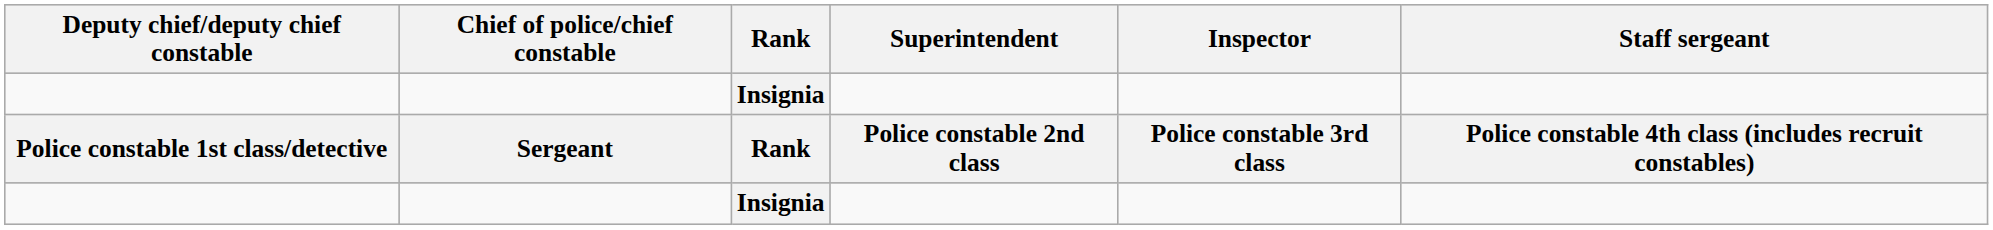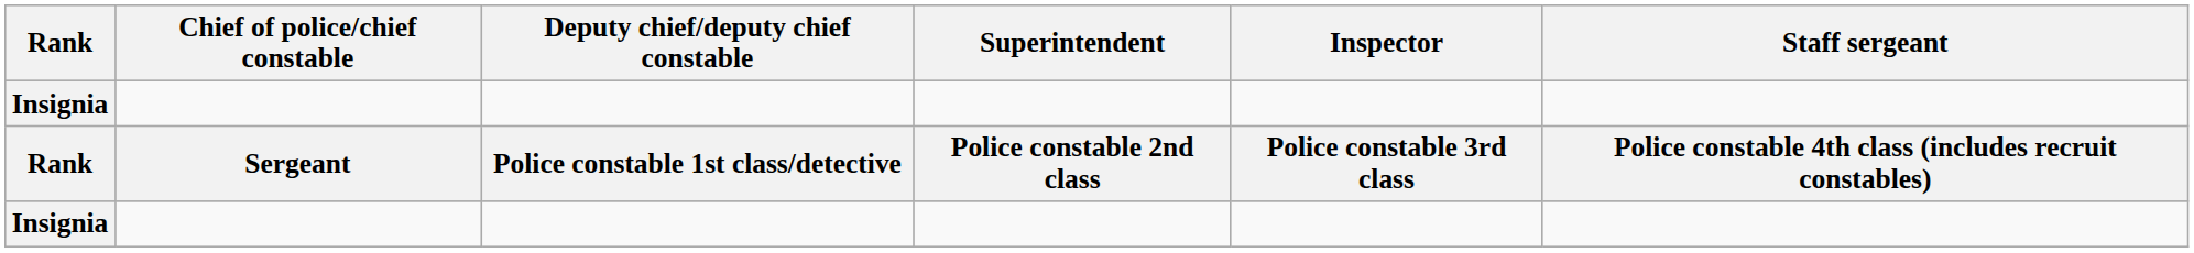 <table class="wikitable">
 <tr>
+<th>Rank</th>
+<th>Chief of police/chief constable</th>
 <th>Deputy chief/deputy chief constable</th>
-<th>Chief of police/chief constable</th>
-<th>Rank</th>
 <th>Superintendent</th>
 <th>Inspector</th>
 <th>Staff sergeant</th>
 </tr>
 <tr>
+<th>Insignia</th>
 <td></td>
 <td></td>
-<th>Insignia</th>
 <td></td>
 <td></td>
 <td></td>
 </tr>
 <tr>
+<th>Rank</th>
+<th>Sergeant</th>
 <th>Police constable 1st class/detective</th>
-<th>Sergeant</th>
-<th>Rank</th>
 <th>Police constable 2nd class</th>
 <th>Police constable 3rd class</th>
 <th>Police constable 4th class (includes recruit constables)</th>
 </tr>
 <tr>
+<th>Insignia</th>
 <td></td>
 <td></td>
-<th>Insignia</th>
 <td></td>
 <td></td>
 <td></td>
 </tr>
 </table>
